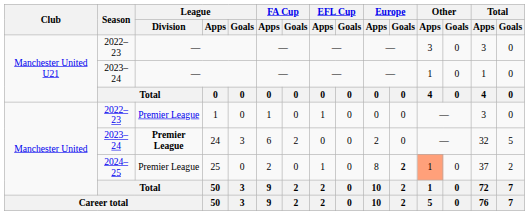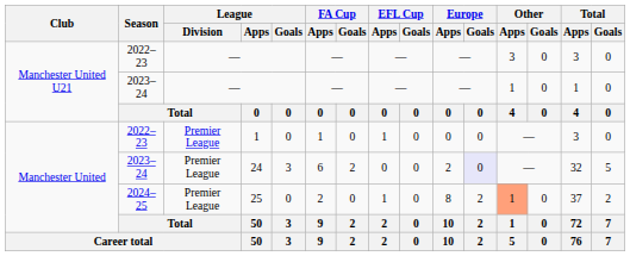 <table class="wikitable" style="text-align: center;">
 <tr>
 <th rowspan="2">Club</th>
 <th rowspan="2">Season</th>
 <th colspan="3">League</th>
 <th colspan="2"><a href='#'>FA Cup</a></th>
 <th colspan="2"><a href='#'>EFL Cup</a></th>
 <th colspan="2"><a href='#'>Europe</a></th>
 <th colspan="2">Other</th>
 <th colspan="2">Total</th>
 </tr>
 <tr>
 <th>Division</th>
 <th>Apps</th>
 <th>Goals</th>
 <th>Apps</th>
 <th>Goals</th>
 <th>Apps</th>
 <th>Goals</th>
 <th>Apps</th>
 <th>Goals</th>
 <th>Apps</th>
 <th>Goals</th>
 <th>Apps</th>
 <th>Goals</th>
 </tr>
 <tr>
 <td rowspan="3"><a href='#'>Manchester United U21</a></td>
 <td>2022–23</td>
 <td colspan="3">—</td>
 <td colspan="2">—</td>
 <td colspan="2">—</td>
 <td colspan="2">—</td>
 <td>3</td>
 <td>0</td>
 <td>3</td>
 <td>0</td>
 </tr>
 <tr>
 <td>2023–24</td>
 <td colspan="3">—</td>
 <td colspan="2">—</td>
 <td colspan="2">—</td>
 <td colspan="2">—</td>
 <td>1</td>
 <td>0</td>
 <td>1</td>
 <td>0</td>
 </tr>
 <tr>
 <th colspan="2">Total</th>
 <th>0</th>
 <th>0</th>
 <th>0</th>
 <th>0</th>
 <th>0</th>
 <th>0</th>
 <th>0</th>
 <th>0</th>
 <th>4</th>
 <th>0</th>
 <th>4</th>
 <th>0</th>
 </tr>
 <tr>
 <td rowspan="4"><a href='#'>Manchester United</a></td>
 <td><a href='#'>2022–23</a></td>
 <td><a href='#'>Premier League</a></td>
 <td>1</td>
 <td>0</td>
 <td>1</td>
 <td>0</td>
 <td>1</td>
 <td>0</td>
 <td>0</td>
 <td>0</td>
 <td colspan="2">—</td>
 <td>3</td>
 <td>0</td>
 </tr>
 <tr>
 <td><a href='#'>2023–24</a></td>
-<td><strong>Premier League</strong></td>
+<td>Premier League</td>
 <td>24</td>
 <td>3</td>
 <td>6</td>
 <td>2</td>
 <td>0</td>
 <td>0</td>
 <td>2</td>
-<td>0</td>
+<td style="background: lavender;">0</td>
 <td colspan="2">—</td>
 <td>32</td>
 <td>5</td>
 </tr>
 <tr>
 <td><a href='#'>2024–25</a></td>
 <td>Premier League</td>
 <td>25</td>
 <td>0</td>
 <td>2</td>
 <td>0</td>
 <td>1</td>
 <td>0</td>
 <td>8</td>
-<td><strong>2</strong></td>
+<td>2</td>
 <td style="background: lightsalmon;">1</td>
 <td>0</td>
 <td>37</td>
 <td>2</td>
 </tr>
 <tr>
 <th colspan="2">Total</th>
 <th>50</th>
 <th>3</th>
 <th>9</th>
 <th>2</th>
 <th>2</th>
 <th>0</th>
 <th>10</th>
 <th>2</th>
 <th>1</th>
 <th>0</th>
 <th>72</th>
 <th>7</th>
 </tr>
 <tr>
 <th colspan="3">Career total</th>
 <th>50</th>
 <th>3</th>
 <th>9</th>
 <th>2</th>
 <th>2</th>
 <th>0</th>
 <th>10</th>
 <th>2</th>
 <th>5</th>
 <th>0</th>
 <th>76</th>
 <th>7</th>
 </tr>
 </table>
